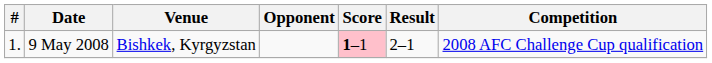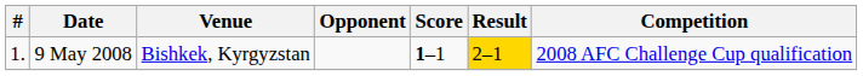 <table class="wikitable">
 <tr>
 <th>#</th>
 <th>Date</th>
 <th>Venue</th>
 <th>Opponent</th>
 <th>Score</th>
 <th>Result</th>
 <th>Competition</th>
 </tr>
 <tr>
 <td>1.</td>
 <td>9 May 2008</td>
 <td><a href='#'>Bishkek</a>, Kyrgyzstan</td>
 <td></td>
-<td style="background: pink;"><strong>1</strong>–1</td>
-<td>2–1</td>
+<td><strong>1</strong>–1</td>
+<td style="background: gold;">2–1</td>
 <td><a href='#'>2008 AFC Challenge Cup qualification</a></td>
 </tr>
 <tr>
 </tr>
 </table>
